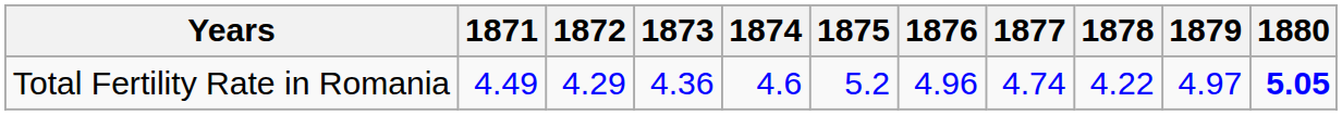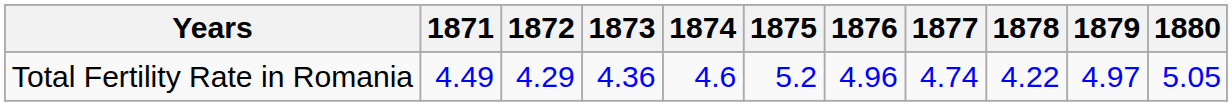 <table class="wikitable " style="text-align:right">
 <tr>
 <th>Years</th>
 <th>1871</th>
 <th>1872</th>
 <th>1873</th>
 <th>1874</th>
 <th>1875</th>
 <th>1876</th>
 <th>1877</th>
 <th>1878</th>
 <th>1879</th>
 <th>1880</th>
 </tr>
 <tr>
 <td align="left">Total Fertility Rate in Romania</td>
 <td style="text-align:right; color:blue;">4.49</td>
 <td style="text-align:right; color:blue;">4.29</td>
 <td style="text-align:right; color:blue;">4.36</td>
 <td style="text-align:right; color:blue;">4.6</td>
 <td style="text-align:right; color:blue;">5.2</td>
 <td style="text-align:right; color:blue;">4.96</td>
 <td style="text-align:right; color:blue;">4.74</td>
 <td style="text-align:right; color:blue;">4.22</td>
 <td style="text-align:right; color:blue;">4.97</td>
-<td style="text-align:right; color:blue;"><strong>5.05</strong></td>
+<td style="text-align:right; color:blue;">5.05</td>
 </tr>
 </table>
